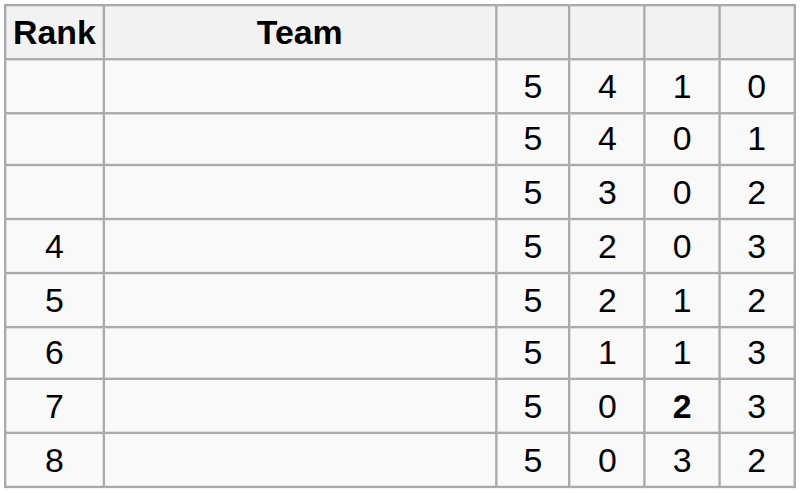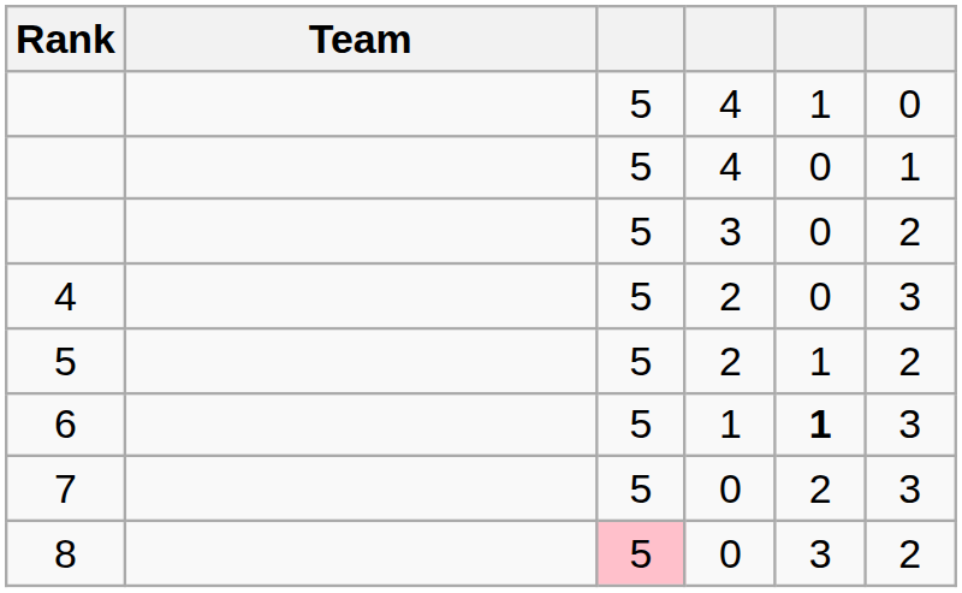 <table class="wikitable" style="text-align: center; font-size:90% ">
 <tr>
 <th width=35>Rank</th>
 <th width=160>Team</th>
 <th width=25></th>
 <th width=25></th>
 <th width=25></th>
 <th width=25></th>
 </tr>
 <tr>
 <td></td>
 <td align=left></td>
 <td>5</td>
 <td>4</td>
 <td>1</td>
 <td>0</td>
 </tr>
 <tr>
 <td></td>
 <td align=left></td>
 <td>5</td>
 <td>4</td>
 <td>0</td>
 <td>1</td>
 </tr>
 <tr>
 <td></td>
 <td align=left></td>
 <td>5</td>
 <td>3</td>
 <td>0</td>
 <td>2</td>
 </tr>
 <tr>
 <td>4</td>
 <td align=left></td>
 <td>5</td>
 <td>2</td>
 <td>0</td>
 <td>3</td>
 </tr>
 <tr>
 <td>5</td>
 <td align=left></td>
 <td>5</td>
 <td>2</td>
 <td>1</td>
 <td>2</td>
 </tr>
 <tr>
 <td>6</td>
 <td align=left></td>
 <td>5</td>
 <td>1</td>
-<td>1</td>
+<td><strong>1</strong></td>
 <td>3</td>
 </tr>
 <tr>
 <td>7</td>
 <td align=left></td>
 <td>5</td>
 <td>0</td>
-<td><strong>2</strong></td>
+<td>2</td>
 <td>3</td>
 </tr>
 <tr>
 <td>8</td>
 <td align=left></td>
-<td>5</td>
+<td style="background: pink;">5</td>
 <td>0</td>
 <td>3</td>
 <td>2</td>
 </tr>
 </table>
